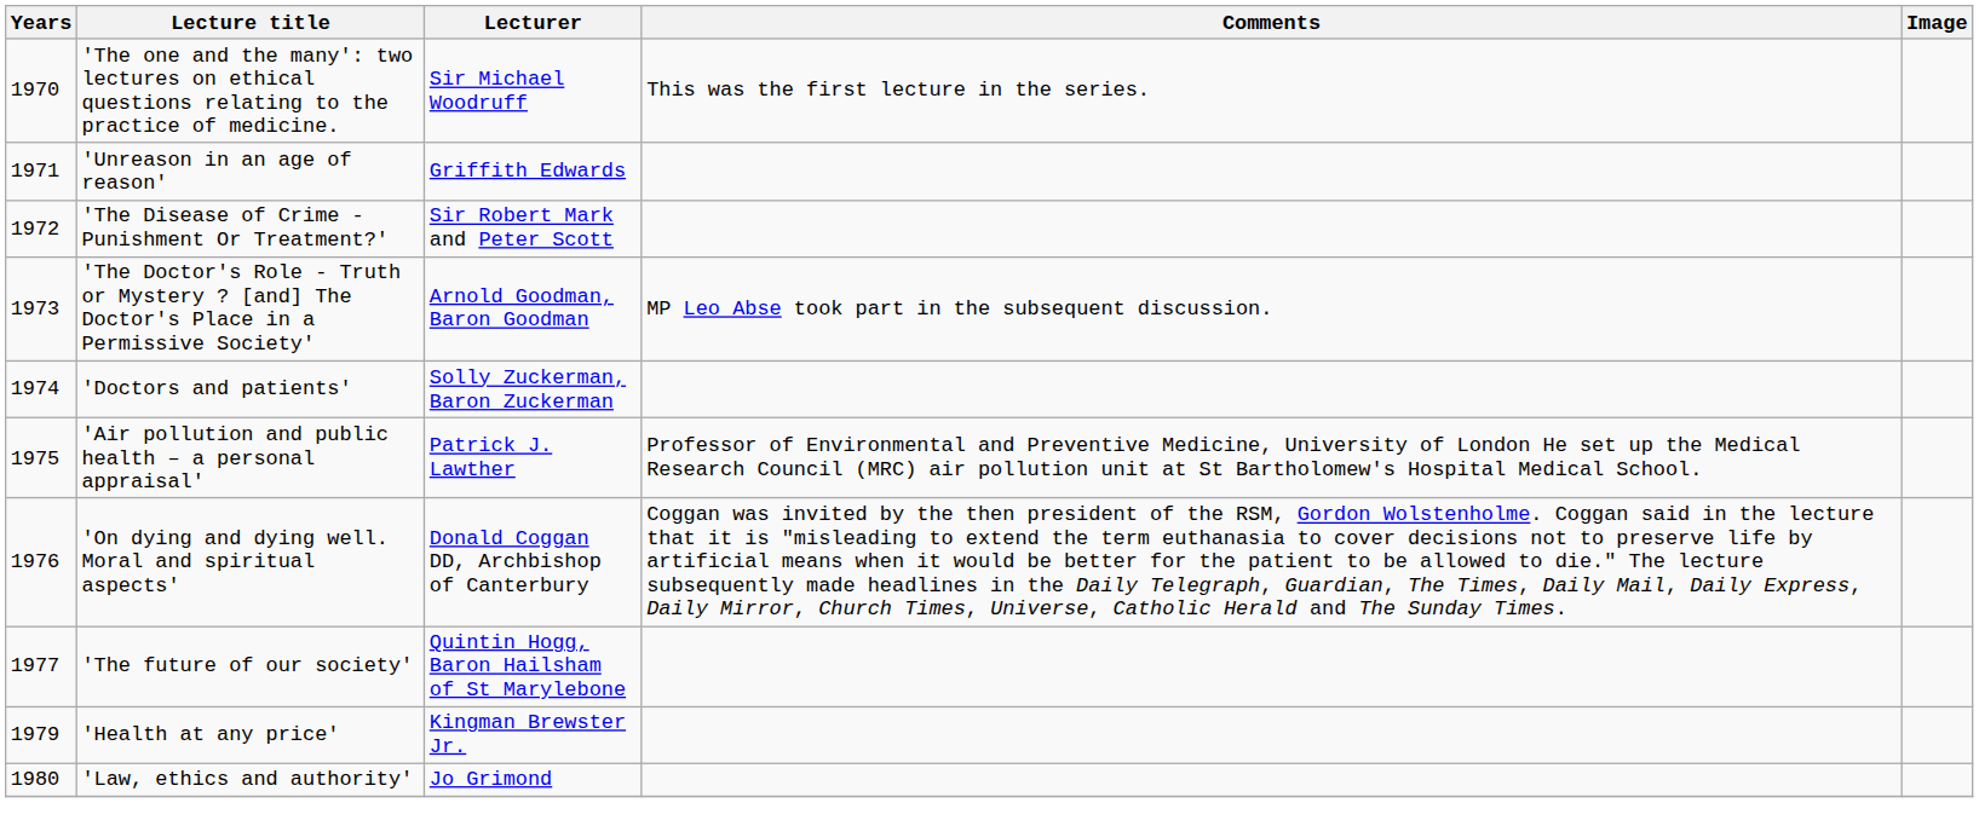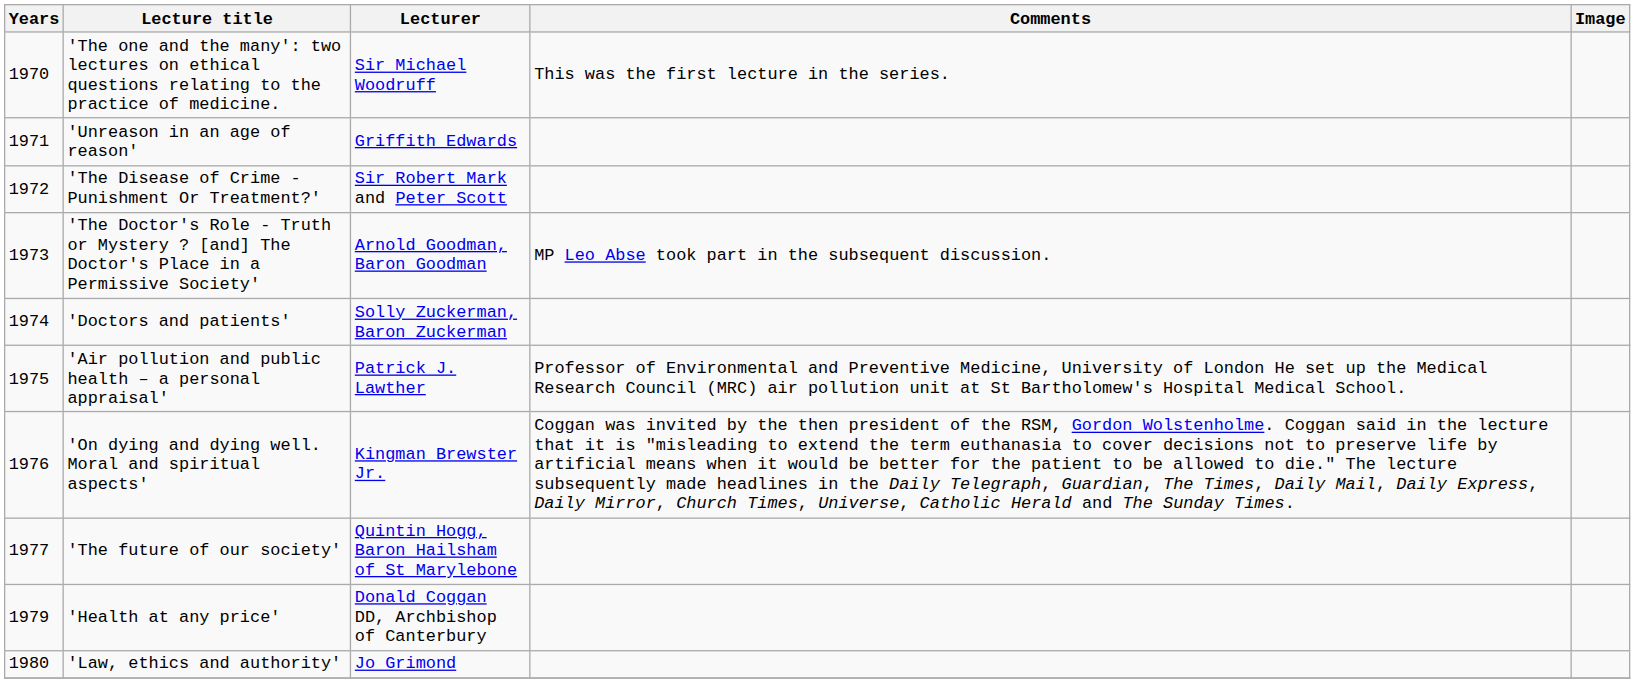 <table class="wikitable">
 <tr>
 <th>Years</th>
 <th>Lecture title</th>
 <th>Lecturer</th>
 <th>Comments</th>
 <th>Image</th>
 </tr>
 <tr>
 <td>1970</td>
 <td>'The one and the many': two lectures on ethical questions relating to the practice of medicine.</td>
 <td><a href='#'>Sir Michael Woodruff</a></td>
 <td>This was the first lecture in the series.</td>
 <td></td>
 </tr>
 <tr>
 <td>1971</td>
 <td>'Unreason in an age of reason'</td>
 <td><a href='#'>Griffith Edwards</a></td>
 <td></td>
 <td></td>
 </tr>
 <tr>
 <td>1972</td>
 <td>'The Disease of Crime - Punishment Or Treatment?'</td>
 <td><a href='#'>Sir Robert Mark</a> and <a href='#'>Peter Scott</a></td>
 <td></td>
 <td></td>
 </tr>
 <tr>
 <td>1973</td>
 <td>'The Doctor's Role - Truth or Mystery ? [and] The Doctor's Place in a Permissive Society'</td>
 <td><a href='#'>Arnold Goodman, Baron Goodman</a></td>
 <td>MP <a href='#'>Leo Abse</a> took part in the subsequent discussion.</td>
 <td></td>
 </tr>
 <tr>
 <td>1974</td>
 <td>'Doctors and patients'</td>
 <td><a href='#'>Solly Zuckerman, Baron Zuckerman</a></td>
 <td></td>
 <td></td>
 </tr>
 <tr>
 <td>1975</td>
 <td>'Air pollution and public health – a personal appraisal'</td>
 <td><a href='#'>Patrick J. Lawther</a></td>
 <td>Professor of Environmental and Preventive Medicine, University of London He set up the Medical Research Council (MRC) air pollution unit at St Bartholomew's Hospital Medical School.</td>
 <td></td>
 </tr>
 <tr>
 <td>1976</td>
 <td>'On dying and dying well. Moral and spiritual aspects'</td>
-<td><a href='#'>Donald Coggan</a> DD, Archbishop of Canterbury</td>
+<td><a href='#'>Kingman Brewster Jr.</a></td>
 <td>Coggan was invited by the then president of the RSM, <a href='#'>Gordon Wolstenholme</a>. Coggan said in the lecture that it is "misleading to extend the term euthanasia to cover decisions not to preserve life by artificial means when it would be better for the patient to be allowed to die." The lecture subsequently made headlines in the <em>Daily Telegraph</em>, <em>Guardian</em>, <em>The Times</em>, <em>Daily Mail</em>, <em>Daily Express</em>, <em>Daily Mirror</em>, <em>Church Times</em>, <em>Universe</em>, <em>Catholic Herald</em> and <em>The Sunday Times</em>.</td>
 <td></td>
 </tr>
 <tr>
 <td>1977</td>
 <td>'The future of our society'</td>
 <td><a href='#'>Quintin Hogg, Baron Hailsham of St Marylebone</a></td>
 <td></td>
 <td></td>
 </tr>
 <tr>
 <td>1979</td>
 <td>'Health at any price'</td>
-<td><a href='#'>Kingman Brewster Jr.</a></td>
+<td><a href='#'>Donald Coggan</a> DD, Archbishop of Canterbury</td>
 <td></td>
 <td></td>
 </tr>
 <tr>
 <td>1980</td>
 <td>'Law, ethics and authority'</td>
 <td><a href='#'>Jo Grimond</a></td>
 <td></td>
 <td></td>
 </tr>
 <tr>
 </tr>
 </table>
